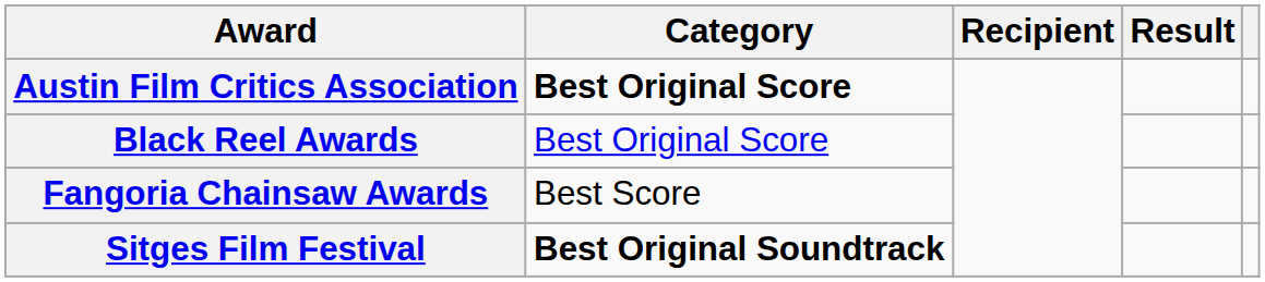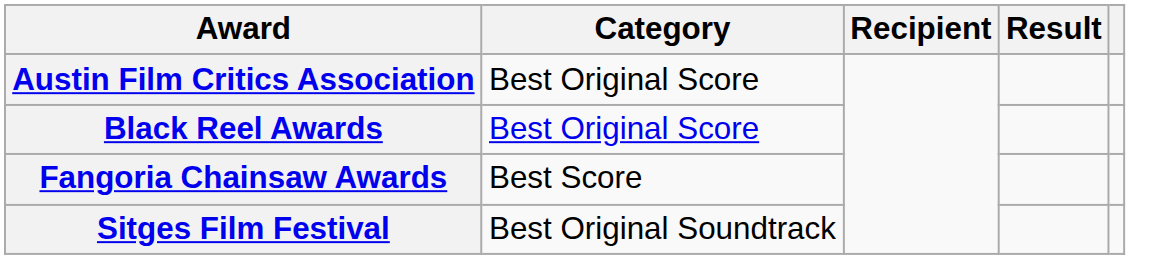 <table class="wikitable plainrowheaders sortable">
 <tr>
 <th scope="col">Award</th>
 <th scope="col">Category</th>
 <th scope="col">Recipient</th>
 <th scope="col">Result</th>
 <th scope="col" class="unsortable"></th>
 </tr>
 <tr>
 <th scope="row"><a href='#'>Austin Film Critics Association</a></th>
-<td><strong>Best Original Score</strong></td>
+<td>Best Original Score</td>
 <td rowspan="4"></td>
 <td></td>
 <td align="center"></td>
 </tr>
 <tr>
 <th scope="row"><a href='#'>Black Reel Awards</a></th>
 <td><a href='#'>Best Original Score</a></td>
 <td></td>
 <td align="center"></td>
 </tr>
 <tr>
 <th scope="row"><a href='#'>Fangoria Chainsaw Awards</a></th>
 <td>Best Score</td>
 <td></td>
 <td align="center"></td>
 </tr>
 <tr>
 <th scope="row"><a href='#'>Sitges Film Festival</a></th>
-<td><strong>Best Original Soundtrack</strong></td>
+<td>Best Original Soundtrack</td>
 <td></td>
 <td align="center"></td>
 </tr>
 </table>
